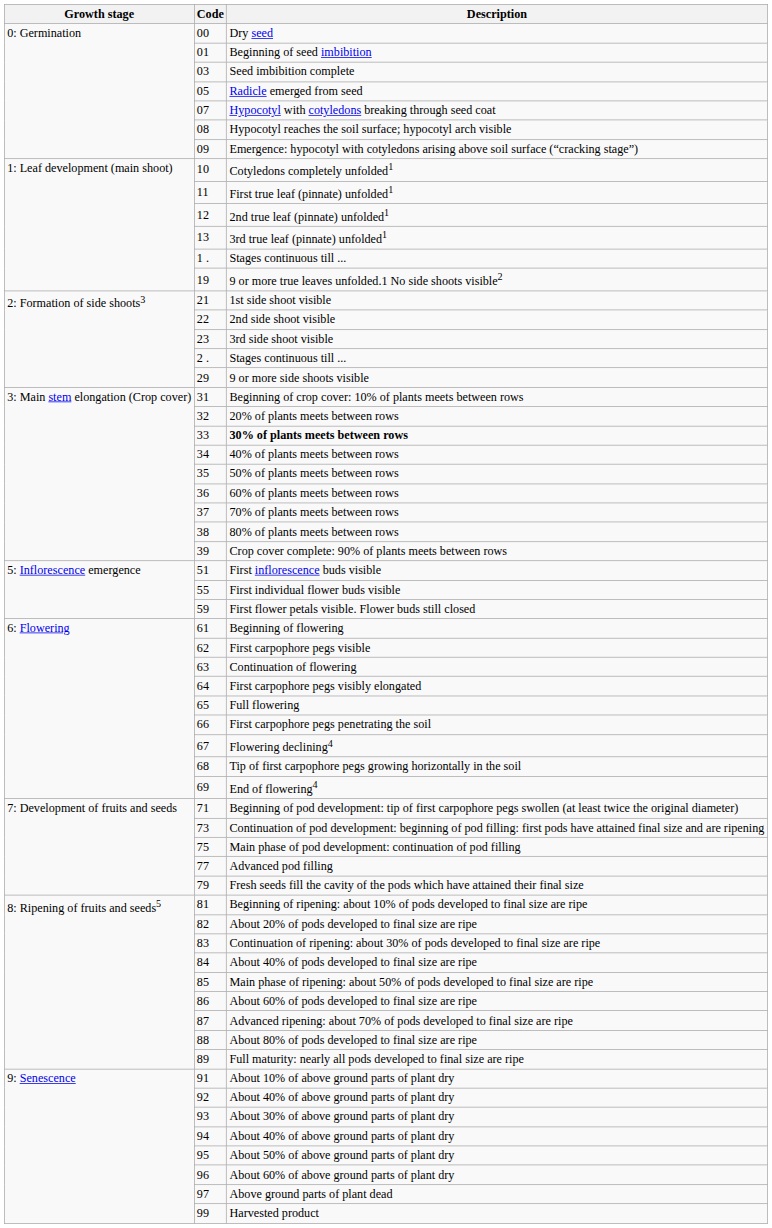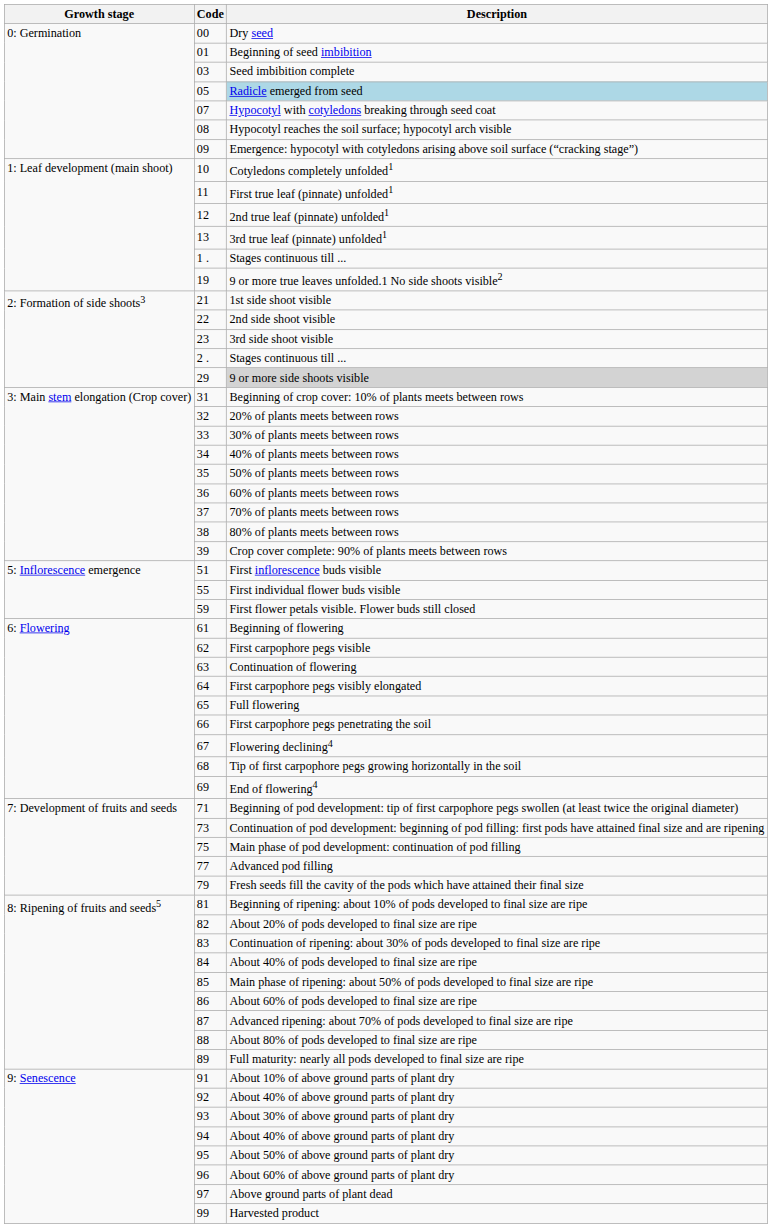 <table class="wikitable" style="clear">
 <tr>
 <th>Growth stage</th>
 <th>Code</th>
 <th>Description</th>
 </tr>
 <tr>
 <td rowspan="7" style="vertical-align:top">0: Germination</td>
 <td>00</td>
 <td>Dry <a href='#'>seed</a></td>
 </tr>
 <tr>
 <td>01</td>
 <td>Beginning of seed <a href='#'>imbibition</a></td>
 </tr>
 <tr>
 <td>03</td>
 <td>Seed imbibition complete</td>
 </tr>
 <tr>
 <td>05</td>
-<td><a href='#'>Radicle</a> emerged from seed</td>
+<td style="background: lightblue;"><a href='#'>Radicle</a> emerged from seed</td>
 </tr>
 <tr>
 <td>07</td>
 <td><a href='#'>Hypocotyl</a> with <a href='#'>cotyledons</a> breaking through seed coat</td>
 </tr>
 <tr>
 <td>08</td>
 <td>Hypocotyl reaches the soil surface; hypocotyl arch visible</td>
 </tr>
 <tr>
 <td>09</td>
 <td>Emergence: hypocotyl with cotyledons arising above soil surface (“cracking stage”)</td>
 </tr>
 <tr>
 <td rowspan="6" style="vertical-align:top">1: Leaf development (main shoot)</td>
 <td>10</td>
 <td>Cotyledons completely unfolded<sup>1</sup></td>
 </tr>
 <tr>
 <td>11</td>
 <td>First true leaf (pinnate) unfolded<sup>1</sup></td>
 </tr>
 <tr>
 <td>12</td>
 <td>2nd true leaf (pinnate) unfolded<sup>1</sup></td>
 </tr>
 <tr>
 <td>13</td>
 <td>3rd true leaf (pinnate) unfolded<sup>1</sup></td>
 </tr>
 <tr>
 <td>1 .</td>
 <td>Stages continuous till ...</td>
 </tr>
 <tr>
 <td>19</td>
 <td>9 or more true leaves unfolded.1 No side shoots visible<sup>2</sup></td>
 </tr>
 <tr>
 <td rowspan="5" style="vertical-align:top">2: Formation of side shoots<sup>3</sup></td>
 <td>21</td>
 <td>1st side shoot visible</td>
 </tr>
 <tr>
 <td>22</td>
 <td>2nd side shoot visible</td>
 </tr>
 <tr>
 <td>23</td>
 <td>3rd side shoot visible</td>
 </tr>
 <tr>
 <td>2 .</td>
 <td>Stages continuous till ...</td>
 </tr>
 <tr>
 <td>29</td>
-<td>9 or more side shoots visible</td>
+<td style="background: lightgrey;">9 or more side shoots visible</td>
 </tr>
 <tr>
 <td rowspan="9" style="vertical-align:top">3: Main <a href='#'>stem</a> elongation (Crop cover)</td>
 <td>31</td>
 <td>Beginning of crop cover: 10% of plants meets between rows</td>
 </tr>
 <tr>
 <td>32</td>
 <td>20% of plants meets between rows</td>
 </tr>
 <tr>
 <td>33</td>
-<td><strong>30% of plants meets between rows</strong></td>
+<td>30% of plants meets between rows</td>
 </tr>
 <tr>
 <td>34</td>
 <td>40% of plants meets between rows</td>
 </tr>
 <tr>
 <td>35</td>
 <td>50% of plants meets between rows</td>
 </tr>
 <tr>
 <td>36</td>
 <td>60% of plants meets between rows</td>
 </tr>
 <tr>
 <td>37</td>
 <td>70% of plants meets between rows</td>
 </tr>
 <tr>
 <td>38</td>
 <td>80% of plants meets between rows</td>
 </tr>
 <tr>
 <td>39</td>
 <td>Crop cover complete: 90% of plants meets between rows</td>
 </tr>
 <tr>
 <td rowspan="3" style="vertical-align:top">5: <a href='#'>Inflorescence</a> emergence</td>
 <td>51</td>
 <td>First <a href='#'>inflorescence</a> buds visible</td>
 </tr>
 <tr>
 <td>55</td>
 <td>First individual flower buds visible</td>
 </tr>
 <tr>
 <td>59</td>
 <td>First flower petals visible. Flower buds still closed</td>
 </tr>
 <tr>
 <td rowspan="9" style="vertical-align:top">6: <a href='#'>Flowering</a></td>
 <td>61</td>
 <td>Beginning of flowering</td>
 </tr>
 <tr>
 <td>62</td>
 <td>First carpophore pegs visible</td>
 </tr>
 <tr>
 <td>63</td>
 <td>Continuation of flowering</td>
 </tr>
 <tr>
 <td>64</td>
 <td>First carpophore pegs visibly elongated</td>
 </tr>
 <tr>
 <td>65</td>
 <td>Full flowering</td>
 </tr>
 <tr>
 <td>66</td>
 <td>First carpophore pegs penetrating the soil</td>
 </tr>
 <tr>
 <td>67</td>
 <td>Flowering declining<sup>4</sup></td>
 </tr>
 <tr>
 <td>68</td>
 <td>Tip of first carpophore pegs growing horizontally in the soil</td>
 </tr>
 <tr>
 <td>69</td>
 <td>End of flowering<sup>4</sup></td>
 </tr>
 <tr>
 <td rowspan="5" style="vertical-align:top">7: Development of fruits and seeds</td>
 <td>71</td>
 <td>Beginning of pod development: tip of first carpophore pegs swollen (at least twice the original diameter)</td>
 </tr>
 <tr>
 <td>73</td>
 <td>Continuation of pod development: beginning of pod filling: first pods have attained final size and are ripening</td>
 </tr>
 <tr>
 <td>75</td>
 <td>Main phase of pod development: continuation of pod filling</td>
 </tr>
 <tr>
 <td>77</td>
 <td>Advanced pod filling</td>
 </tr>
 <tr>
 <td>79</td>
 <td>Fresh seeds fill the cavity of the pods which have attained their final size</td>
 </tr>
 <tr>
 <td rowspan="9" style="vertical-align:top">8: Ripening of fruits and seeds<sup>5</sup></td>
 <td>81</td>
 <td>Beginning of ripening: about 10% of pods developed to final size are ripe</td>
 </tr>
 <tr>
 <td>82</td>
 <td>About 20% of pods developed to final size are ripe</td>
 </tr>
 <tr>
 <td>83</td>
 <td>Continuation of ripening: about 30% of pods developed to final size are ripe</td>
 </tr>
 <tr>
 <td>84</td>
 <td>About 40% of pods developed to final size are ripe</td>
 </tr>
 <tr>
 <td>85</td>
 <td>Main phase of ripening: about 50% of pods developed to final size are ripe</td>
 </tr>
 <tr>
 <td>86</td>
 <td>About 60% of pods developed to final size are ripe</td>
 </tr>
 <tr>
 <td>87</td>
 <td>Advanced ripening: about 70% of pods developed to final size are ripe</td>
 </tr>
 <tr>
 <td>88</td>
 <td>About 80% of pods developed to final size are ripe</td>
 </tr>
 <tr>
 <td>89</td>
 <td>Full maturity: nearly all pods developed to final size are ripe</td>
 </tr>
 <tr>
 <td rowspan="8" style="vertical-align:top">9: <a href='#'>Senescence</a></td>
 <td>91</td>
 <td>About 10% of above ground parts of plant dry</td>
 </tr>
 <tr>
 <td>92</td>
 <td>About 40% of above ground parts of plant dry</td>
 </tr>
 <tr>
 <td>93</td>
 <td>About 30% of above ground parts of plant dry</td>
 </tr>
 <tr>
 <td>94</td>
 <td>About 40% of above ground parts of plant dry</td>
 </tr>
 <tr>
 <td>95</td>
 <td>About 50% of above ground parts of plant dry</td>
 </tr>
 <tr>
 <td>96</td>
 <td>About 60% of above ground parts of plant dry</td>
 </tr>
 <tr>
 <td>97</td>
 <td>Above ground parts of plant dead</td>
 </tr>
 <tr>
 <td>99</td>
 <td>Harvested product</td>
 </tr>
 </table>
